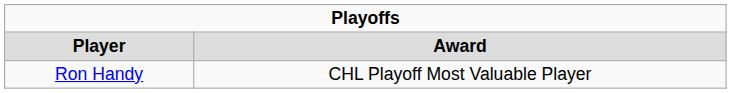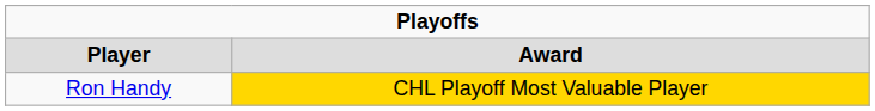 <table class="wikitable"  style="width:52%; text-align:center;">
 <tr>
 <td colspan="10" style="text-align:center;"><strong>Playoffs</strong></td>
 </tr>
 <tr style="text-align:center; background:#ddd;">
 <td><strong>Player</strong></td>
 <td><strong>Award</strong></td>
 </tr>
 <tr>
 <td><a href='#'>Ron Handy</a></td>
-<td>CHL Playoff Most Valuable Player</td>
+<td style="background: gold;">CHL Playoff Most Valuable Player</td>
 </tr>
 </table>
